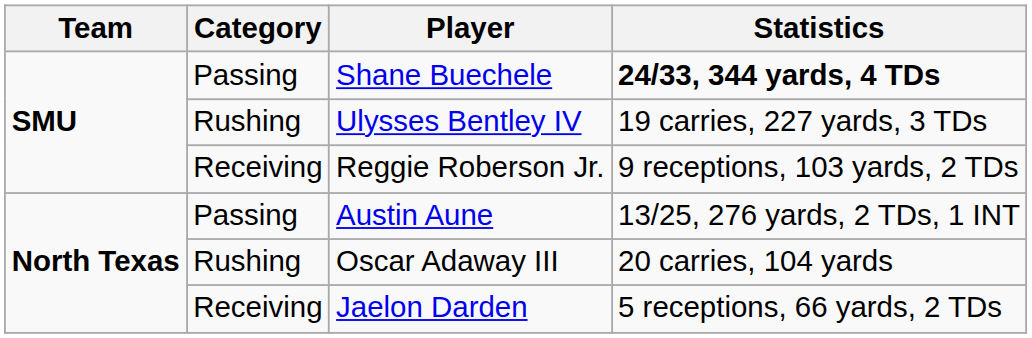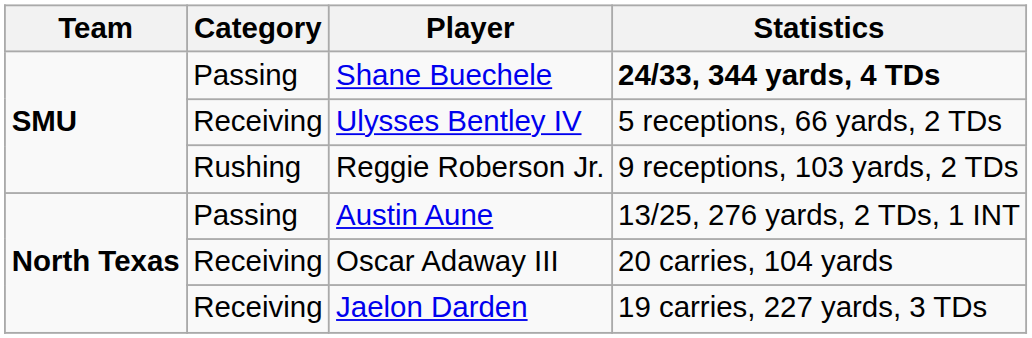 <table class="wikitable" style="float: left;">
 <tr>
 <th>Team</th>
 <th>Category</th>
 <th>Player</th>
 <th>Statistics</th>
 </tr>
 <tr>
 <td rowspan=3><strong>SMU</strong></td>
 <td>Passing</td>
 <td><a href='#'>Shane Buechele</a></td>
 <td><strong>24/33, 344 yards, 4 TDs</strong></td>
 </tr>
 <tr>
-<td>Rushing</td>
+<td>Receiving</td>
 <td><a href='#'>Ulysses Bentley IV</a></td>
-<td>19 carries, 227 yards, 3 TDs</td>
+<td>5 receptions, 66 yards, 2 TDs</td>
 </tr>
 <tr>
-<td>Receiving</td>
+<td>Rushing</td>
 <td>Reggie Roberson Jr.</td>
 <td>9 receptions, 103 yards, 2 TDs</td>
 </tr>
 <tr>
 <td rowspan=3><strong>North Texas</strong></td>
 <td>Passing</td>
 <td><a href='#'>Austin Aune</a></td>
 <td>13/25, 276 yards, 2 TDs, 1 INT</td>
 </tr>
 <tr>
-<td>Rushing</td>
+<td>Receiving</td>
 <td>Oscar Adaway III</td>
 <td>20 carries, 104 yards</td>
 </tr>
 <tr>
 <td>Receiving</td>
 <td><a href='#'>Jaelon Darden</a></td>
-<td>5 receptions, 66 yards, 2 TDs</td>
+<td>19 carries, 227 yards, 3 TDs</td>
 </tr>
 </table>
